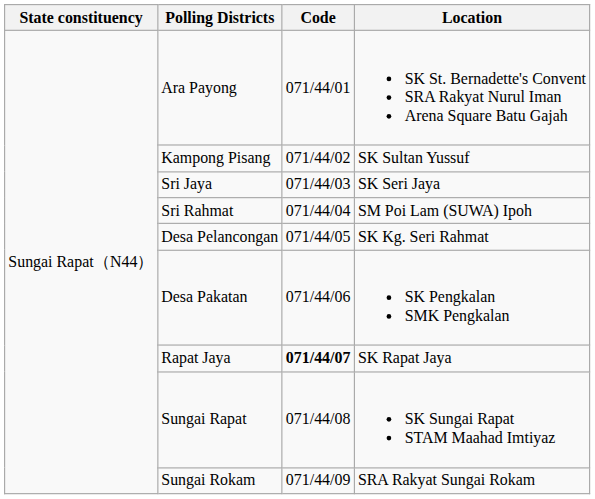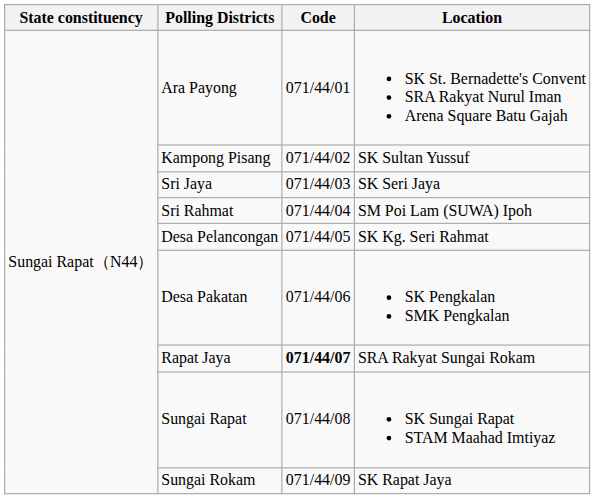 <table class="wikitable sortable mw-collapsible" style="white-space:nowrap;font-size:85%">
 <tr>
 <th>State constituency</th>
 <th>Polling Districts</th>
 <th>Code</th>
 <th>Location</th>
 </tr>
 <tr>
 <td rowspan="9">Sungai Rapat（N44）</td>
 <td>Ara Payong</td>
 <td>071/44/01</td>
 <td><br><ul><li>SK St. Bernadette's Convent</li><li>SRA Rakyat Nurul Iman</li><li>Arena Square Batu Gajah</li></ul></td>
 </tr>
 <tr>
 <td>Kampong Pisang</td>
 <td>071/44/02</td>
 <td>SK Sultan Yussuf</td>
 </tr>
 <tr>
 <td>Sri Jaya</td>
 <td>071/44/03</td>
 <td>SK Seri Jaya</td>
 </tr>
 <tr>
 <td>Sri Rahmat</td>
 <td>071/44/04</td>
 <td>SM Poi Lam (SUWA) Ipoh</td>
 </tr>
 <tr>
 <td>Desa Pelancongan</td>
 <td>071/44/05</td>
 <td>SK Kg. Seri Rahmat</td>
 </tr>
 <tr>
 <td>Desa Pakatan</td>
 <td>071/44/06</td>
 <td><br><ul><li>SK Pengkalan</li><li>SMK Pengkalan</li></ul></td>
 </tr>
 <tr>
 <td>Rapat Jaya</td>
 <td><strong>071/44/07</strong></td>
-<td>SK Rapat Jaya</td>
+<td>SRA Rakyat Sungai Rokam</td>
 </tr>
 <tr>
 <td>Sungai Rapat</td>
 <td>071/44/08</td>
 <td><br><ul><li>SK Sungai Rapat</li><li>STAM Maahad Imtiyaz</li></ul></td>
 </tr>
 <tr>
 <td>Sungai Rokam</td>
 <td>071/44/09</td>
-<td>SRA Rakyat Sungai Rokam</td>
+<td>SK Rapat Jaya</td>
 </tr>
 </table>
